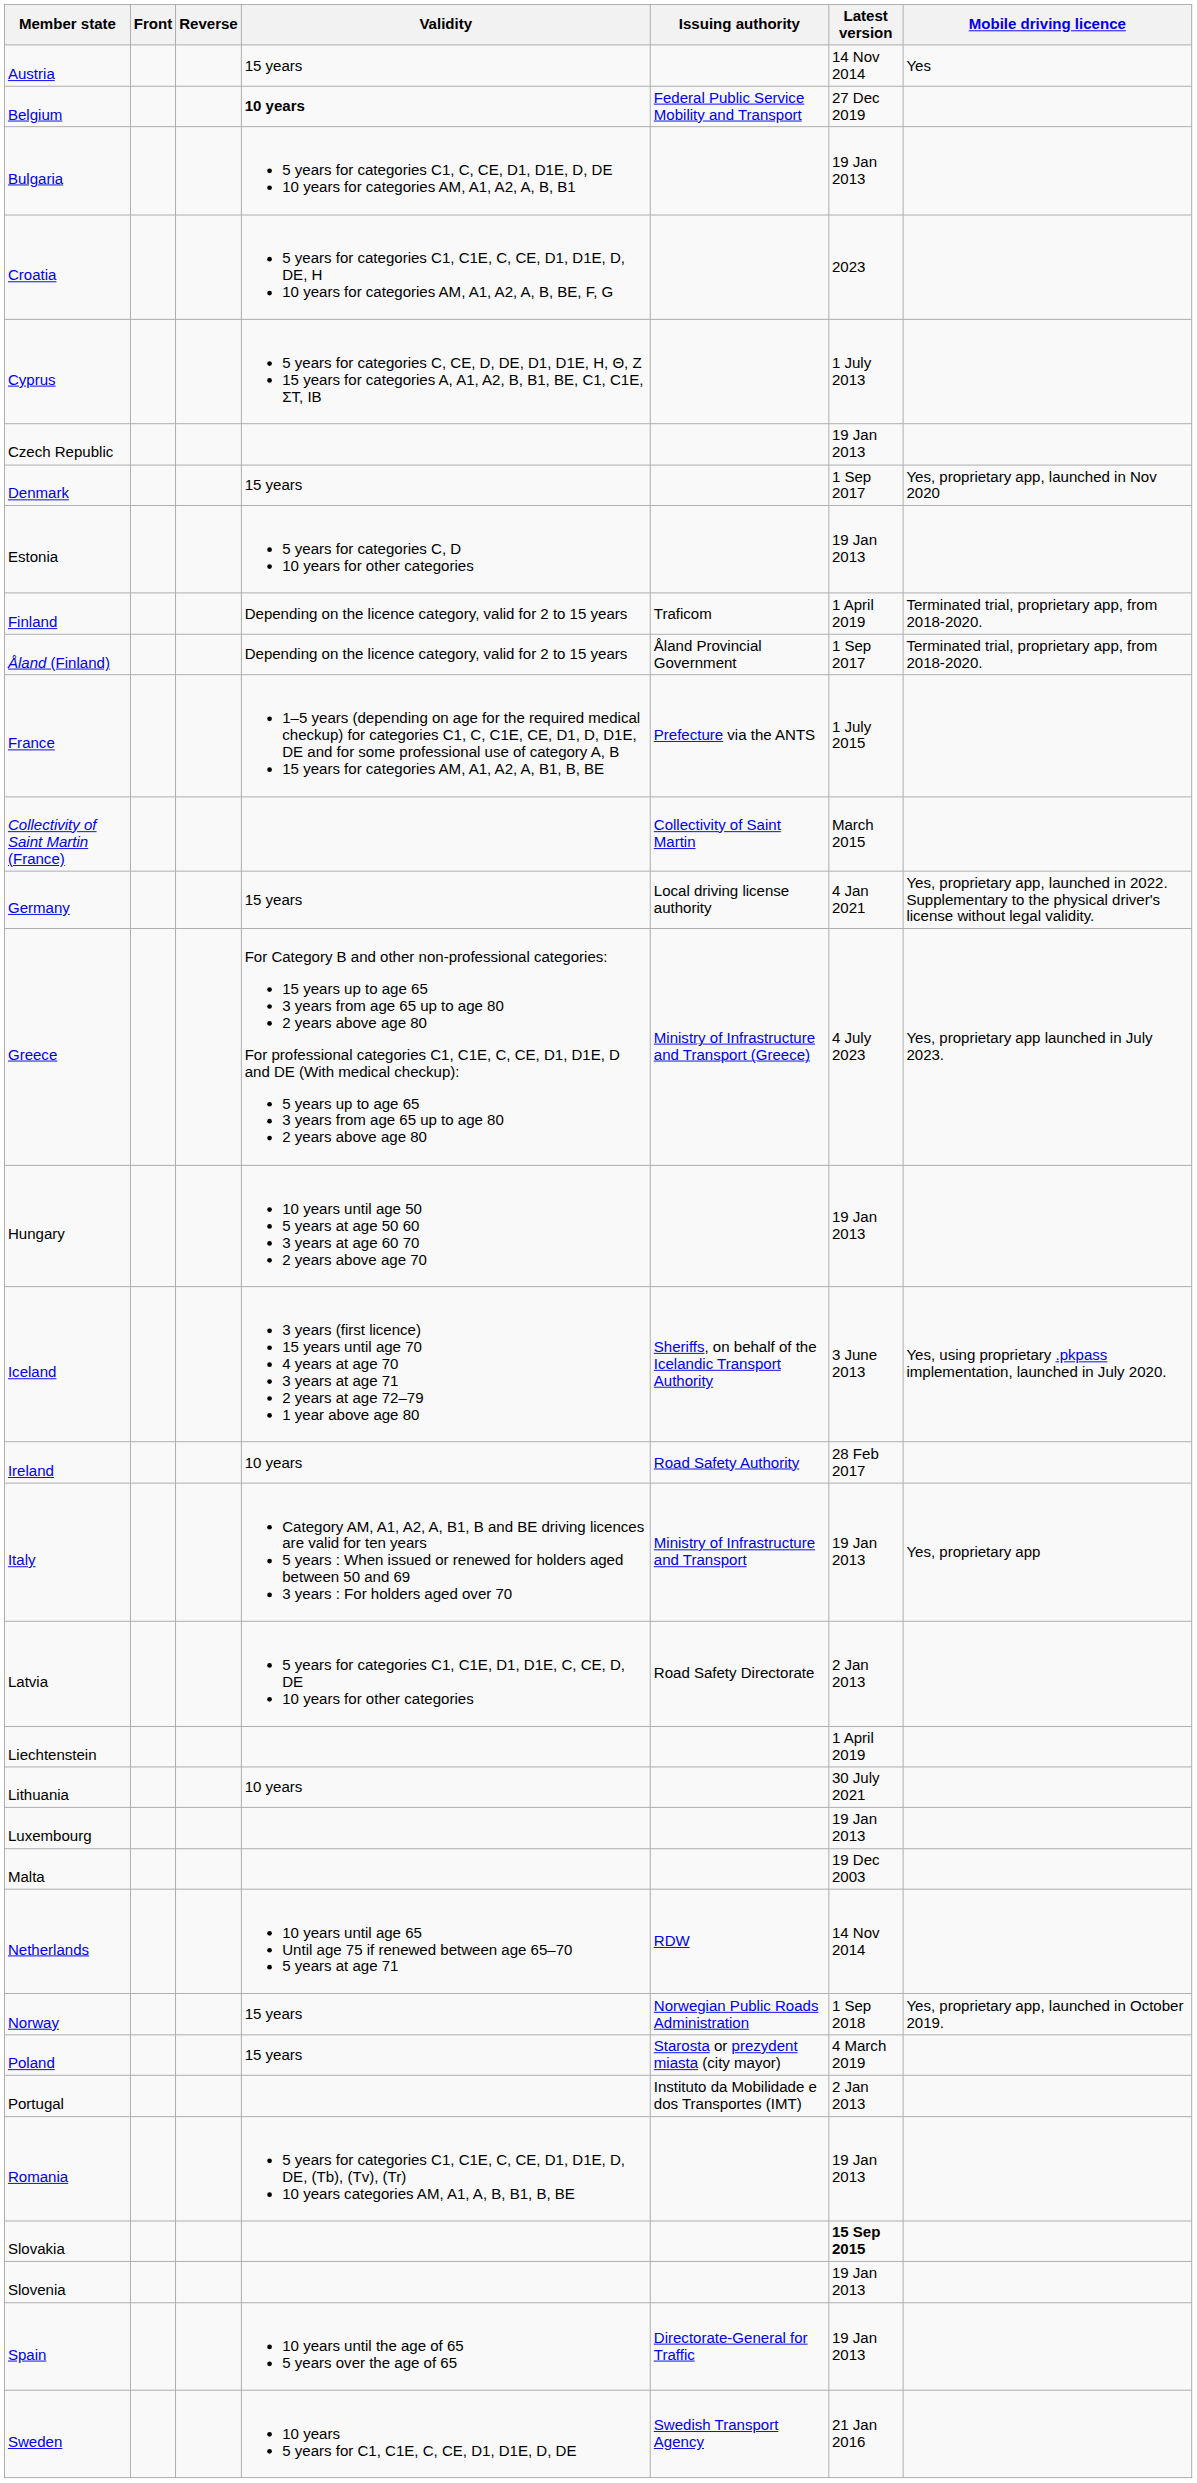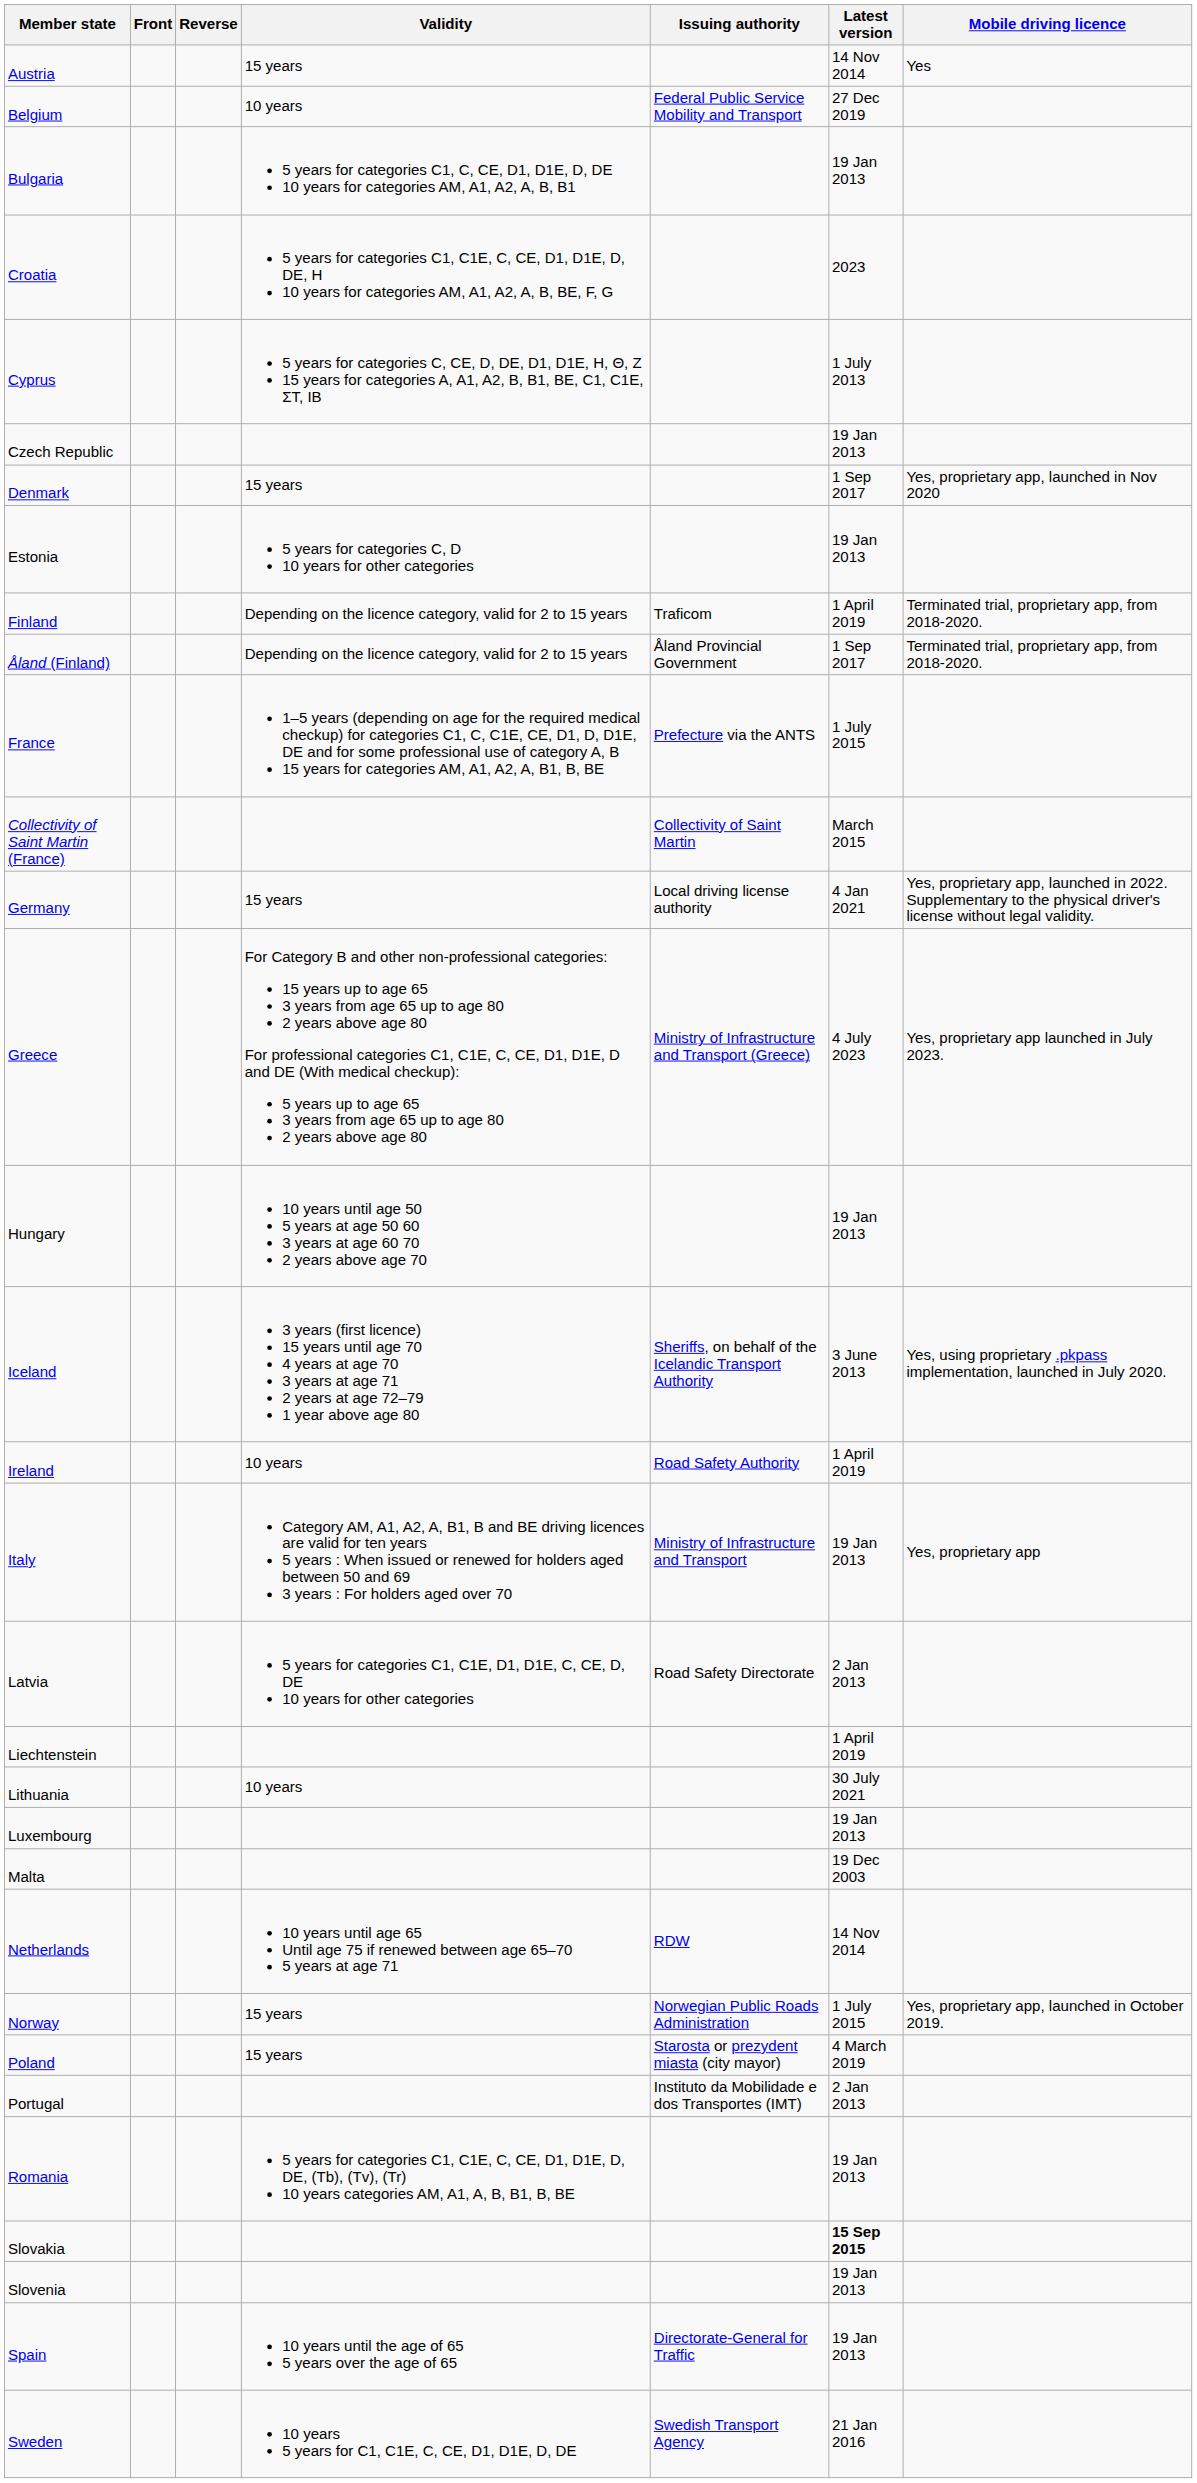 <table class="wikitable" width="100%">
 <tr>
 <th>Member state</th>
 <th>Front</th>
 <th>Reverse</th>
 <th>Validity</th>
 <th>Issuing authority</th>
 <th>Latest version</th>
 <th><a href='#'>Mobile driving licence</a></th>
 </tr>
 <tr>
 <td><br><a href='#'>Austria</a></td>
 <td></td>
 <td></td>
 <td>15 years</td>
 <td></td>
 <td>14 Nov 2014</td>
 <td>Yes </td>
 </tr>
 <tr>
 <td><br><a href='#'>Belgium</a></td>
 <td></td>
 <td></td>
-<td><strong>10 years</strong></td>
+<td>10 years</td>
 <td><a href='#'>Federal Public Service Mobility and Transport</a></td>
 <td>27 Dec 2019</td>
 <td></td>
 </tr>
 <tr>
 <td><br><a href='#'>Bulgaria</a></td>
 <td></td>
 <td></td>
 <td><br><ul><li>5 years for categories C1, C, CE, D1, D1E, D, DE</li><li>10 years for categories AM, A1, A2, A, B, B1</li></ul></td>
 <td></td>
 <td>19 Jan 2013</td>
 <td></td>
 </tr>
 <tr>
 <td><br><a href='#'>Croatia</a></td>
 <td></td>
 <td></td>
 <td><br><ul><li>5 years for categories C1, C1E, C, CE, D1, D1E, D, DE, H</li><li>10 years for categories AM, A1, A2, A, B, BE, F, G</li></ul></td>
 <td></td>
 <td>2023</td>
 <td></td>
 </tr>
 <tr>
 <td><br><a href='#'>Cyprus</a></td>
 <td></td>
 <td></td>
 <td><br><ul><li>5 years for categories C, CΕ, D, DΕ, D1, D1Ε, H, Θ, Ζ</li><li>15 years for categories A, A1, A2, B, B1, BE, C1, C1Ε, ΣT, ΙΒ</li></ul></td>
 <td></td>
 <td>1 July 2013</td>
 <td></td>
 </tr>
 <tr>
 <td><br>Czech Republic</td>
 <td></td>
 <td></td>
 <td></td>
 <td></td>
 <td>19 Jan 2013</td>
 <td></td>
 </tr>
 <tr>
 <td><br><a href='#'>Denmark</a></td>
 <td></td>
 <td></td>
 <td>15 years</td>
 <td></td>
 <td>1 Sep 2017</td>
 <td>Yes, proprietary app, launched in Nov 2020</td>
 </tr>
 <tr>
 <td><br>Estonia</td>
 <td></td>
 <td></td>
 <td><br><ul><li>5 years for categories C, D</li><li>10 years for other categories</li></ul></td>
 <td></td>
 <td>19 Jan 2013</td>
 <td></td>
 </tr>
 <tr>
 <td><br><a href='#'>Finland</a></td>
 <td></td>
 <td></td>
 <td>Depending on the licence category, valid for 2 to 15 years</td>
 <td>Traficom</td>
 <td>1 April 2019</td>
 <td>Terminated trial, proprietary app, from 2018-2020.</td>
 </tr>
 <tr>
 <td>  <br><a href='#'><em>Åland</em> (Finland)</a></td>
 <td></td>
 <td></td>
 <td>Depending on the licence category, valid for 2 to 15 years</td>
 <td>Åland Provincial Government</td>
 <td>1 Sep 2017</td>
 <td>Terminated trial, proprietary app, from 2018-2020.</td>
 </tr>
 <tr>
 <td><br><a href='#'>France</a></td>
 <td></td>
 <td></td>
 <td><br><ul><li>1–5 years (depending on age for the required medical checkup) for categories C1, C, C1E, CE, D1, D, D1E, DE and for some professional use of category A, B</li><li>15 years for categories AM, A1, A2, A, B1, B, BE</li></ul></td>
 <td><a href='#'>Prefecture</a> via the ANTS</td>
 <td>1 July 2015</td>
 <td></td>
 </tr>
 <tr>
 <td> <br><a href='#'><em>Collectivity of Saint Martin</em> (France)</a></td>
 <td></td>
 <td></td>
 <td></td>
 <td><a href='#'>Collectivity of Saint Martin</a></td>
 <td>March 2015</td>
 <td></td>
 </tr>
 <tr>
 <td><br><a href='#'>Germany</a></td>
 <td></td>
 <td></td>
 <td>15 years</td>
 <td>Local driving license authority</td>
 <td>4 Jan 2021</td>
 <td>Yes, proprietary app, launched in 2022. Supplementary to the physical driver's license without legal validity.</td>
 </tr>
 <tr>
 <td><br><a href='#'>Greece</a></td>
 <td></td>
 <td></td>
 <td><br>For Category B and other non-professional categories:<ul><li>15 years up to age 65</li><li>3 years from age 65 up to age 80</li><li>2 years above age 80</li></ul>For professional categories C1, C1E, C, CE, D1, D1E, D and DE (With medical checkup):<ul><li>5 years up to age 65</li><li>3 years from age 65 up to age 80</li><li>2 years above age 80</li></ul></td>
 <td><a href='#'>Ministry of Infrastructure and Transport (Greece)</a></td>
 <td>4 July 2023</td>
 <td>Yes, proprietary app launched in July 2023.</td>
 </tr>
 <tr>
 <td><br>Hungary</td>
 <td></td>
 <td></td>
 <td><br><ul><li>10 years until age 50</li><li>5 years at age 50 60</li><li>3 years at age 60 70</li><li>2 years above age 70</li></ul></td>
 <td></td>
 <td>19 Jan 2013</td>
 <td></td>
 </tr>
 <tr>
 <td><br><a href='#'>Iceland</a></td>
 <td></td>
 <td></td>
 <td><br><ul><li>3 years (first licence)</li><li>15 years until age 70</li><li>4 years at age 70</li><li>3 years at age 71</li><li>2 years at age 72–79</li><li>1 year above age 80</li></ul></td>
 <td><a href='#'>Sheriffs</a>, on behalf of the <a href='#'>Icelandic Transport Authority</a></td>
 <td>3 June 2013</td>
 <td>Yes, using proprietary <a href='#'>.pkpass</a> implementation, launched in July 2020.</td>
 </tr>
 <tr>
 <td><br><a href='#'>Ireland</a></td>
 <td></td>
 <td></td>
 <td>10 years</td>
 <td><a href='#'>Road Safety Authority</a></td>
-<td>28 Feb 2017</td>
+<td>1 April 2019</td>
 <td></td>
 </tr>
 <tr>
 <td><br><a href='#'>Italy</a></td>
 <td></td>
 <td></td>
 <td><br><ul><li>Category AM, A1, A2, A, B1, B and BE driving licences are valid for ten years</li><li>5 years : When issued or renewed for holders aged between 50 and 69</li><li>3 years : For holders aged over 70</li></ul></td>
 <td><a href='#'>Ministry of Infrastructure and Transport</a></td>
 <td>19 Jan 2013</td>
 <td>Yes, proprietary app</td>
 </tr>
 <tr>
 <td><br>Latvia</td>
 <td></td>
 <td></td>
 <td><br><ul><li>5 years for categories C1, C1E, D1, D1E, C, CE, D, DE</li><li>10 years for other categories</li></ul></td>
 <td>Road Safety Directorate</td>
 <td>2 Jan 2013</td>
 <td></td>
 </tr>
 <tr>
 <td><br>Liechten­stein</td>
 <td></td>
 <td></td>
 <td></td>
 <td></td>
 <td>1 April 2019</td>
 <td></td>
 </tr>
 <tr>
 <td><br>Lithuania</td>
 <td></td>
 <td></td>
 <td>10 years</td>
 <td></td>
 <td>30 July 2021</td>
 <td></td>
 </tr>
 <tr>
 <td><br>Luxem­bourg</td>
 <td></td>
 <td></td>
 <td></td>
 <td></td>
 <td>19 Jan 2013</td>
 <td></td>
 </tr>
 <tr>
 <td><br>Malta</td>
 <td></td>
 <td></td>
 <td></td>
 <td></td>
 <td>19 Dec 2003</td>
 <td></td>
 </tr>
 <tr>
 <td><br><a href='#'>Nether­lands</a></td>
 <td></td>
 <td></td>
 <td><br><ul><li>10 years until age 65</li><li>Until age 75 if renewed between age 65–70</li><li>5 years at age 71</li></ul></td>
 <td><a href='#'>RDW</a></td>
 <td>14 Nov 2014</td>
 <td></td>
 </tr>
 <tr>
 <td><br><a href='#'>Norway</a></td>
 <td></td>
 <td></td>
 <td>15 years</td>
 <td><a href='#'>Norwegian Public Roads Administration</a></td>
-<td>1 Sep 2018</td>
+<td>1 July 2015</td>
 <td>Yes, proprietary app, launched in October 2019.</td>
 </tr>
 <tr>
 <td><br><a href='#'>Poland</a></td>
 <td></td>
 <td></td>
 <td>15 years</td>
 <td><a href='#'>Starosta</a> or <a href='#'>prezydent miasta</a> (city mayor)</td>
 <td>4 March 2019</td>
 <td></td>
 </tr>
 <tr>
 <td><br>Portugal</td>
 <td></td>
 <td></td>
 <td></td>
 <td>Instituto da Mobilidade e dos Transportes (IMT)</td>
 <td>2 Jan 2013</td>
 <td></td>
 </tr>
 <tr>
 <td><br><a href='#'>Romania</a></td>
 <td></td>
 <td></td>
 <td><br><ul><li>5 years for categories C1, C1E, C, CE, D1, D1E, D, DE, (Tb), (Tv), (Tr)</li><li>10 years categories AM, A1, A, B, B1, B, BE</li></ul></td>
 <td></td>
 <td>19 Jan 2013</td>
 <td></td>
 </tr>
 <tr>
 <td><br>Slovakia</td>
 <td></td>
 <td></td>
 <td></td>
 <td></td>
 <td><strong>15 Sep 2015</strong></td>
 <td></td>
 </tr>
 <tr>
 <td><br>Slovenia</td>
 <td></td>
 <td></td>
 <td></td>
 <td></td>
 <td>19 Jan 2013</td>
 <td></td>
 </tr>
 <tr>
 <td><br><a href='#'>Spain</a></td>
 <td></td>
 <td></td>
 <td><br><ul><li>10 years until the age of 65</li><li>5 years over the age of 65</li></ul></td>
 <td><a href='#'>Directorate-General for Traffic</a></td>
 <td>19 Jan 2013</td>
 <td></td>
 </tr>
 <tr>
 <td><br><a href='#'>Sweden</a></td>
 <td></td>
 <td></td>
 <td><br><ul><li>10 years</li><li>5 years for C1, C1E, C, CE, D1, D1E, D, DE</li></ul></td>
 <td><a href='#'>Swedish Transport Agency</a></td>
 <td>21 Jan 2016</td>
 <td></td>
 </tr>
 </table>
